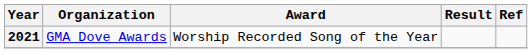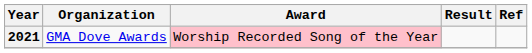 <table class="wikitable plainrowheaders">
 <tr>
 <th>Year</th>
 <th>Organization</th>
 <th>Award</th>
 <th>Result</th>
 <th>Ref</th>
 </tr>
 <tr>
 <th>2021</th>
 <td><a href='#'>GMA Dove Awards</a></td>
-<td>Worship Recorded Song of the Year</td>
+<td style="background: pink;">Worship Recorded Song of the Year</td>
 <td></td>
 <td></td>
 </tr>
 <tr>
 </tr>
 </table>
